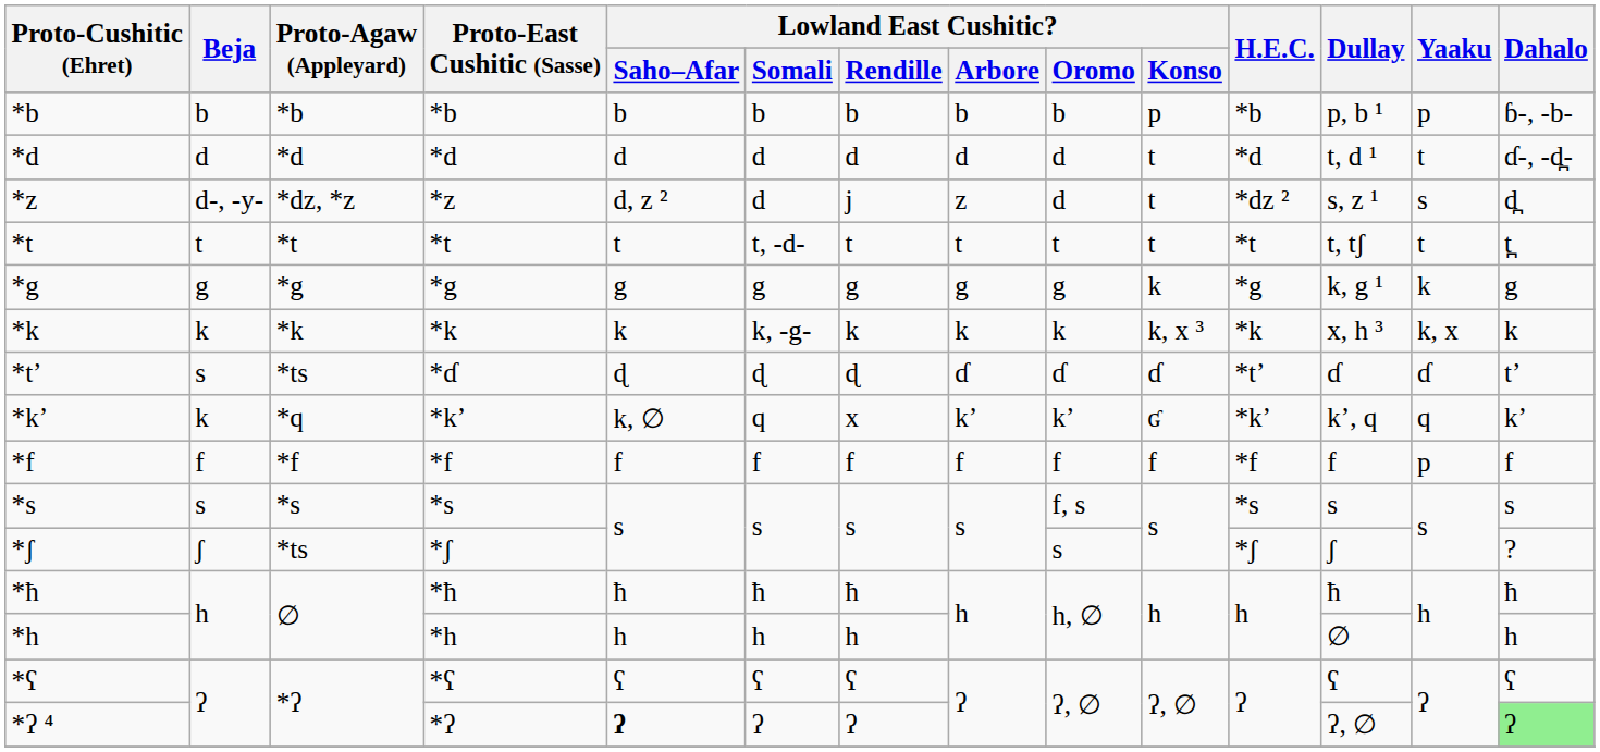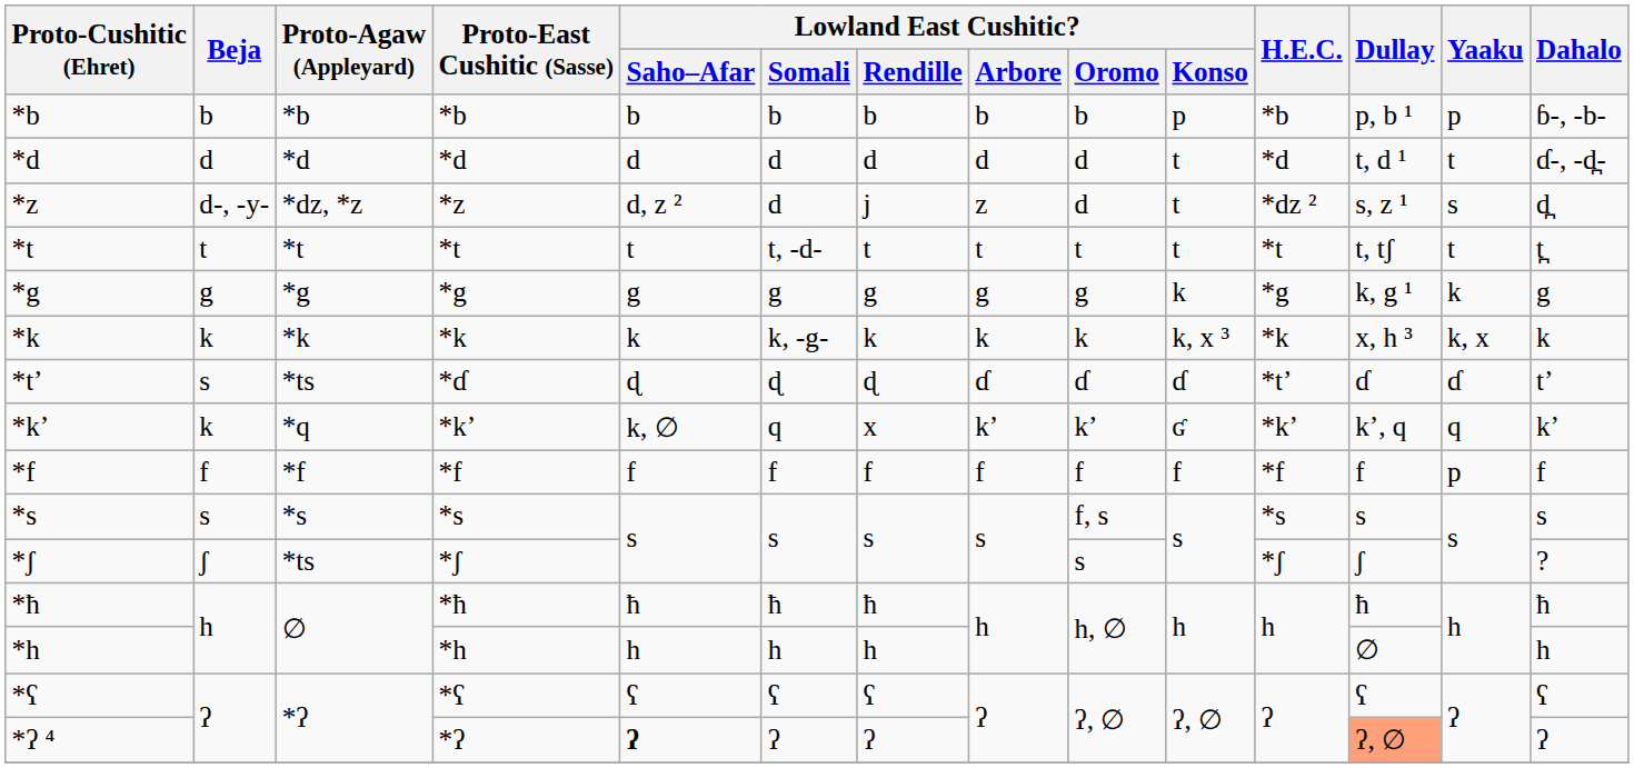 <table class="wikitable">
 <tr>
 <th rowspan="2">Proto-Cushitic<br><small>(Ehret)</small></th>
 <th rowspan="2"><a href='#'>Beja</a></th>
 <th rowspan="2">Proto-Agaw<br><small>(Appleyard)</small></th>
 <th rowspan="2">Proto-East<br>Cushitic <small>(Sasse)</small></th>
 <th colspan="6">Lowland East Cushitic?</th>
 <th rowspan="2"><a href='#'>H.E.C.</a></th>
 <th rowspan="2"><a href='#'>Dullay</a></th>
 <th rowspan="2"><a href='#'>Yaaku</a></th>
 <th rowspan="2"><a href='#'>Dahalo</a></th>
 </tr>
 <tr>
 <th><a href='#'>Saho–Afar</a></th>
 <th><a href='#'>Somali</a></th>
 <th><a href='#'>Rendille</a></th>
 <th><a href='#'>Arbore</a></th>
 <th><a href='#'>Oromo</a></th>
 <th><a href='#'>Konso</a></th>
 </tr>
 <tr>
 <td>*b</td>
 <td>b</td>
 <td>*b</td>
 <td>*b</td>
 <td>b</td>
 <td>b</td>
 <td>b</td>
 <td>b</td>
 <td>b</td>
 <td>p</td>
 <td>*b</td>
 <td>p, b ¹</td>
 <td>p</td>
 <td>ɓ-, -b-</td>
 </tr>
 <tr>
 <td>*d</td>
 <td>d</td>
 <td>*d</td>
 <td>*d</td>
 <td>d</td>
 <td>d</td>
 <td>d</td>
 <td>d</td>
 <td>d</td>
 <td>t</td>
 <td>*d</td>
 <td>t, d ¹</td>
 <td>t</td>
 <td>ɗ-, -d̪-</td>
 </tr>
 <tr>
 <td>*z</td>
 <td>d-, -y-</td>
 <td>*dz, *z</td>
 <td>*z</td>
 <td>d, z ²</td>
 <td>d</td>
 <td>j</td>
 <td>z</td>
 <td>d</td>
 <td>t</td>
 <td>*dz ²</td>
 <td>s, z ¹</td>
 <td>s</td>
 <td>d̪</td>
 </tr>
 <tr>
 <td>*t</td>
 <td>t</td>
 <td>*t</td>
 <td>*t</td>
 <td>t</td>
 <td>t, -d-</td>
 <td>t</td>
 <td>t</td>
 <td>t</td>
 <td>t</td>
 <td>*t</td>
 <td>t, tʃ</td>
 <td>t</td>
 <td>t̪</td>
 </tr>
 <tr>
 <td>*g</td>
 <td>g</td>
 <td>*g</td>
 <td>*g</td>
 <td>g</td>
 <td>g</td>
 <td>g</td>
 <td>g</td>
 <td>g</td>
 <td>k</td>
 <td>*g</td>
 <td>k, g ¹</td>
 <td>k</td>
 <td>g</td>
 </tr>
 <tr>
 <td>*k</td>
 <td>k</td>
 <td>*k</td>
 <td>*k</td>
 <td>k</td>
 <td>k, -g-</td>
 <td>k</td>
 <td>k</td>
 <td>k</td>
 <td>k, x ³</td>
 <td>*k</td>
 <td>x, h ³</td>
 <td>k, x</td>
 <td>k</td>
 </tr>
 <tr>
 <td>*tʼ</td>
 <td>s</td>
 <td>*ts</td>
 <td>*ɗ</td>
 <td>ɖ</td>
 <td>ɖ</td>
 <td>ɖ</td>
 <td>ɗ</td>
 <td>ɗ</td>
 <td>ɗ</td>
 <td>*tʼ</td>
 <td>ɗ</td>
 <td>ɗ</td>
 <td>tʼ</td>
 </tr>
 <tr>
 <td>*kʼ</td>
 <td>k</td>
 <td>*q</td>
 <td>*kʼ</td>
 <td>k, ∅</td>
 <td>q</td>
 <td>x</td>
 <td>kʼ</td>
 <td>kʼ</td>
 <td>ʛ</td>
 <td>*kʼ</td>
 <td>kʼ, q</td>
 <td>q</td>
 <td>kʼ</td>
 </tr>
 <tr>
 <td>*f</td>
 <td>f</td>
 <td>*f</td>
 <td>*f</td>
 <td>f</td>
 <td>f</td>
 <td>f</td>
 <td>f</td>
 <td>f</td>
 <td>f</td>
 <td>*f</td>
 <td>f</td>
 <td>p</td>
 <td>f</td>
 </tr>
 <tr>
 <td>*s</td>
 <td>s</td>
 <td>*s</td>
 <td>*s</td>
 <td rowspan="2">s</td>
 <td rowspan="2">s</td>
 <td rowspan="2">s</td>
 <td rowspan="2">s</td>
 <td>f, s</td>
 <td rowspan="2">s</td>
 <td>*s</td>
 <td>s</td>
 <td rowspan="2">s</td>
 <td>s</td>
 </tr>
 <tr>
 <td>*ʃ</td>
 <td>ʃ</td>
 <td>*ts</td>
 <td>*ʃ</td>
 <td>s</td>
 <td>*ʃ</td>
 <td>ʃ</td>
 <td>?</td>
 </tr>
 <tr>
 <td>*ħ</td>
 <td rowspan="2">h</td>
 <td rowspan="2">∅</td>
 <td>*ħ</td>
 <td>ħ</td>
 <td>ħ</td>
 <td>ħ</td>
 <td rowspan="2">h</td>
 <td rowspan="2">h, ∅</td>
 <td rowspan="2">h</td>
 <td rowspan="2">h</td>
 <td>ħ</td>
 <td rowspan="2">h</td>
 <td>ħ</td>
 </tr>
 <tr>
 <td>*h</td>
 <td>*h</td>
 <td>h</td>
 <td>h</td>
 <td>h</td>
 <td>∅</td>
 <td>h</td>
 </tr>
 <tr>
 <td>*ʕ</td>
 <td rowspan="2">ʔ</td>
 <td rowspan="2">*ʔ</td>
 <td>*ʕ</td>
 <td>ʕ</td>
 <td>ʕ</td>
 <td>ʕ</td>
 <td rowspan="2">ʔ</td>
 <td rowspan="2">ʔ, ∅</td>
 <td rowspan="2">ʔ, ∅</td>
 <td rowspan="2">ʔ</td>
 <td>ʕ</td>
 <td rowspan="2">ʔ</td>
 <td>ʕ</td>
 </tr>
 <tr>
 <td>*ʔ ⁴</td>
 <td>*ʔ</td>
 <td><strong>ʔ</strong></td>
 <td>ʔ</td>
 <td>ʔ</td>
-<td>ʔ, ∅</td>
-<td style="background: lightgreen;">ʔ</td>
+<td style="background: lightsalmon;">ʔ, ∅</td>
+<td>ʔ</td>
 </tr>
 <tr>
 </tr>
 </table>
